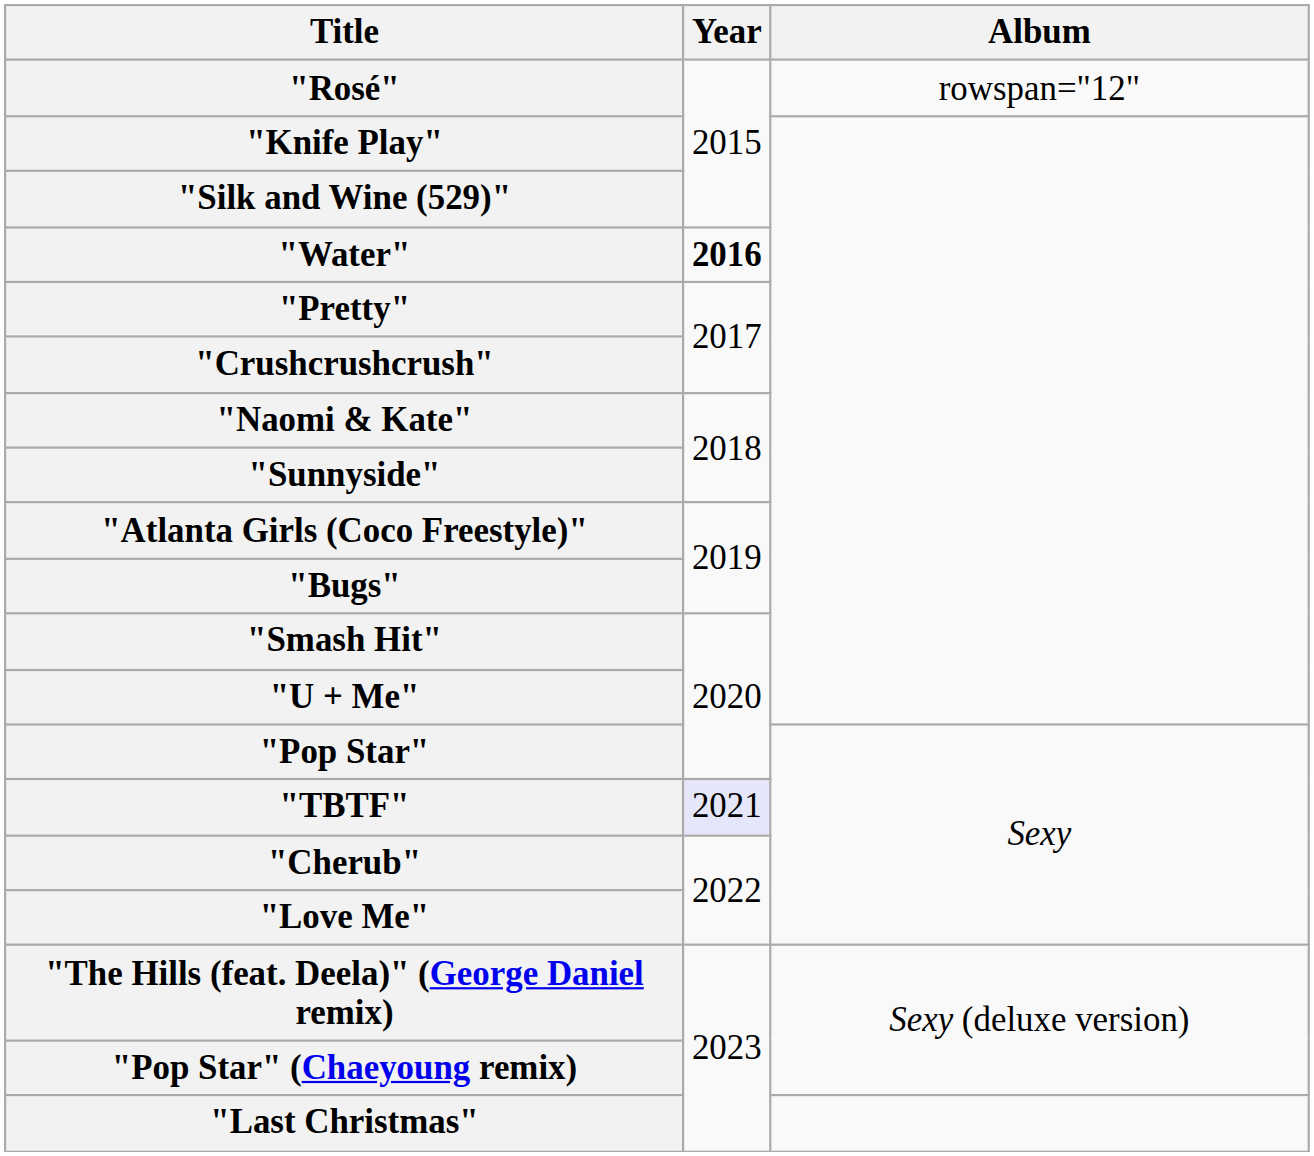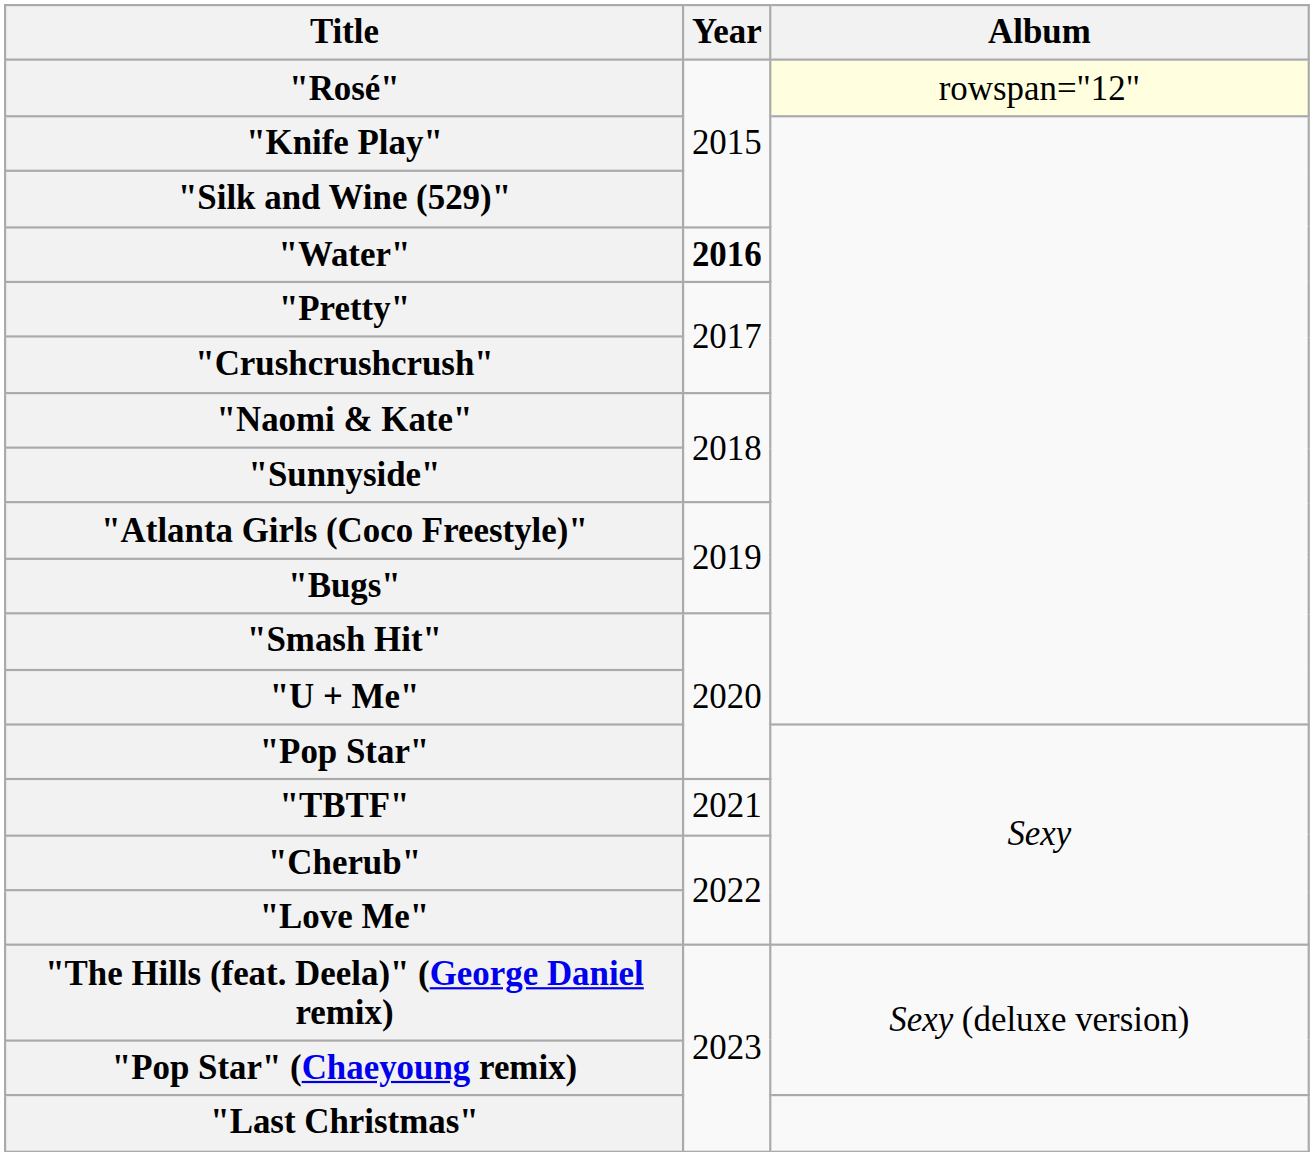 <table class="wikitable plainrowheaders" style="text-align:center;">
 <tr>
 <th scope="col" style="width:19em;">Title</th>
 <th scope="col" style="width:1em;">Year</th>
 <th scope="col" style="width:15em;">Album</th>
 </tr>
 <tr>
 <th scope="row">"Rosé"<br></th>
 <td rowspan="3">2015</td>
-<td>rowspan="12" </td>
+<td style="background: lightyellow;">rowspan="12" </td>
 </tr>
 <tr>
 <th scope="row">"Knife Play"<br></th>
 </tr>
 <tr>
 <th scope="row">"Silk and Wine (529)"<br></th>
 </tr>
 <tr>
 <th scope="row">"Water"<br></th>
 <td rowspan="1"><strong>2016</strong></td>
 </tr>
 <tr>
 <th scope="row">"Pretty"<br></th>
 <td rowspan="2">2017</td>
 </tr>
 <tr>
 <th scope="row">"Crushcrushcrush"<br></th>
 </tr>
 <tr>
 <th scope="row">"Naomi & Kate"<br></th>
 <td rowspan="2">2018</td>
 </tr>
 <tr>
 <th scope="row">"Sunnyside"<br></th>
 </tr>
 <tr>
 <th scope="row">"Atlanta Girls (Coco Freestyle)"</th>
 <td rowspan="2">2019</td>
 </tr>
 <tr>
 <th scope="row">"Bugs"</th>
 </tr>
 <tr>
 <th scope="row">"Smash Hit"</th>
 <td rowspan="3">2020</td>
 </tr>
 <tr>
 <th scope="row">"U + Me"</th>
 </tr>
 <tr>
 <th scope="row">"Pop Star"</th>
 <td rowspan="4"><em>Sexy</em></td>
 </tr>
 <tr>
 <th scope="row">"TBTF"</th>
-<td rowspan="1" style="background: lavender;">2021</td>
+<td rowspan="1">2021</td>
 </tr>
 <tr>
 <th scope="row">"Cherub"</th>
 <td rowspan="2">2022</td>
 </tr>
 <tr>
 <th scope="row">"Love Me"</th>
 </tr>
 <tr>
 <th scope="row">"The Hills (feat. Deela)" (<a href='#'>George Daniel</a> remix)</th>
 <td rowspan="3">2023</td>
 <td rowspan="2"><em>Sexy</em> (deluxe version)</td>
 </tr>
 <tr>
 <th scope="row">"Pop Star" (<a href='#'>Chaeyoung</a> remix)</th>
 </tr>
 <tr>
 <th scope="row">"Last Christmas"</th>
 <td></td>
 </tr>
 </table>
